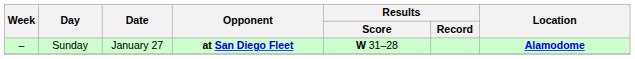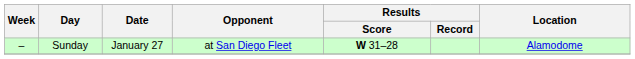 <table class="wikitable" style="text-align:center; font-size:90%">
 <tr>
 <th rowspan="2" width="40">Week</th>
 <th rowspan="2" width="80">Day</th>
 <th rowspan="2" width="90">Date</th>
 <th rowspan="2" width="200">Opponent</th>
 <th colspan="2" width="200">Results</th>
 <th rowspan="2" width="200">Location</th>
 </tr>
 <tr>
 <th width="140">Score</th>
 <th width="60">Record</th>
 </tr>
 <tr bgcolor="#ccffcc">
 <td>–</td>
 <td>Sunday</td>
 <td>January 27</td>
-<td><strong>at <a href='#'>San Diego Fleet</a></strong></td>
+<td>at <a href='#'>San Diego Fleet</a></td>
 <td><strong>W</strong> 31–28</td>
 <td></td>
-<td><strong><a href='#'>Alamodome</a></strong></td>
+<td><a href='#'>Alamodome</a></td>
 </tr>
 <tr>
 </tr>
 </table>
